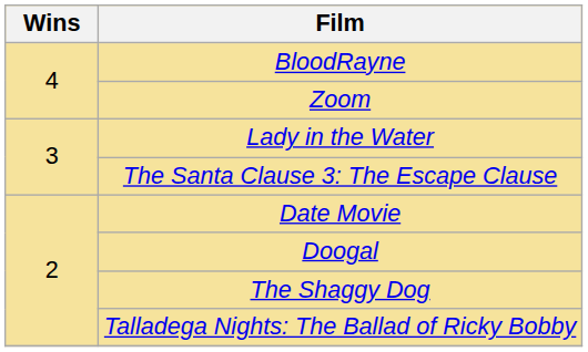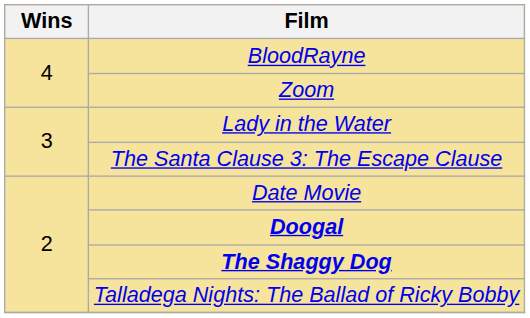 <table class="wikitable sortable" rowspan=2 style="text-align: center; background: #f6e39c">
 <tr>
 <th scope="col" width="55">Wins</th>
 <th scope="col" align="center">Film</th>
 </tr>
 <tr>
 <td rowspan="2" style="text-align:center">4</td>
 <td><em><a href='#'>BloodRayne</a></em></td>
 </tr>
 <tr>
 <td><em><a href='#'>Zoom</a></em></td>
 </tr>
 <tr>
 <td rowspan="2" style="text-align:center">3</td>
 <td><em><a href='#'>Lady in the Water</a></em></td>
 </tr>
 <tr>
 <td><em><a href='#'>The Santa Clause 3: The Escape Clause</a></em></td>
 </tr>
 <tr>
 <td rowspan="4" style="text-align:center">2</td>
 <td><em><a href='#'>Date Movie</a></em></td>
 </tr>
 <tr>
-<td><em><a href='#'>Doogal</a></em></td>
+<td><strong><em><a href='#'>Doogal</a></em></strong></td>
 </tr>
 <tr>
-<td><em><a href='#'>The Shaggy Dog</a></em></td>
+<td><strong><em><a href='#'>The Shaggy Dog</a></em></strong></td>
 </tr>
 <tr>
 <td><em><a href='#'>Talladega Nights: The Ballad of Ricky Bobby</a></em></td>
 </tr>
 <tr>
 </tr>
 </table>
